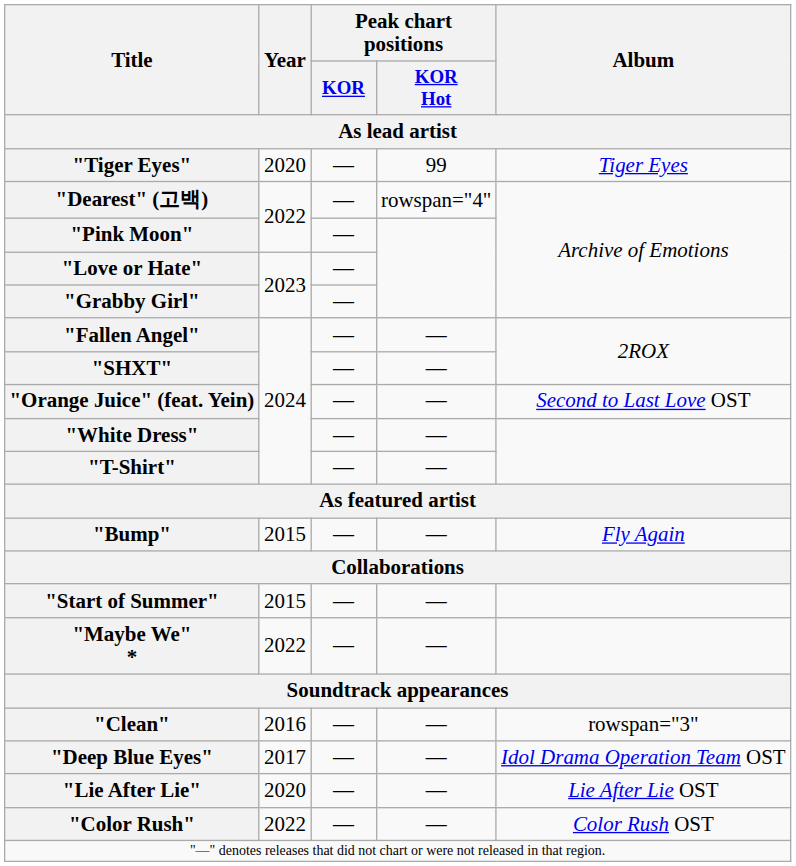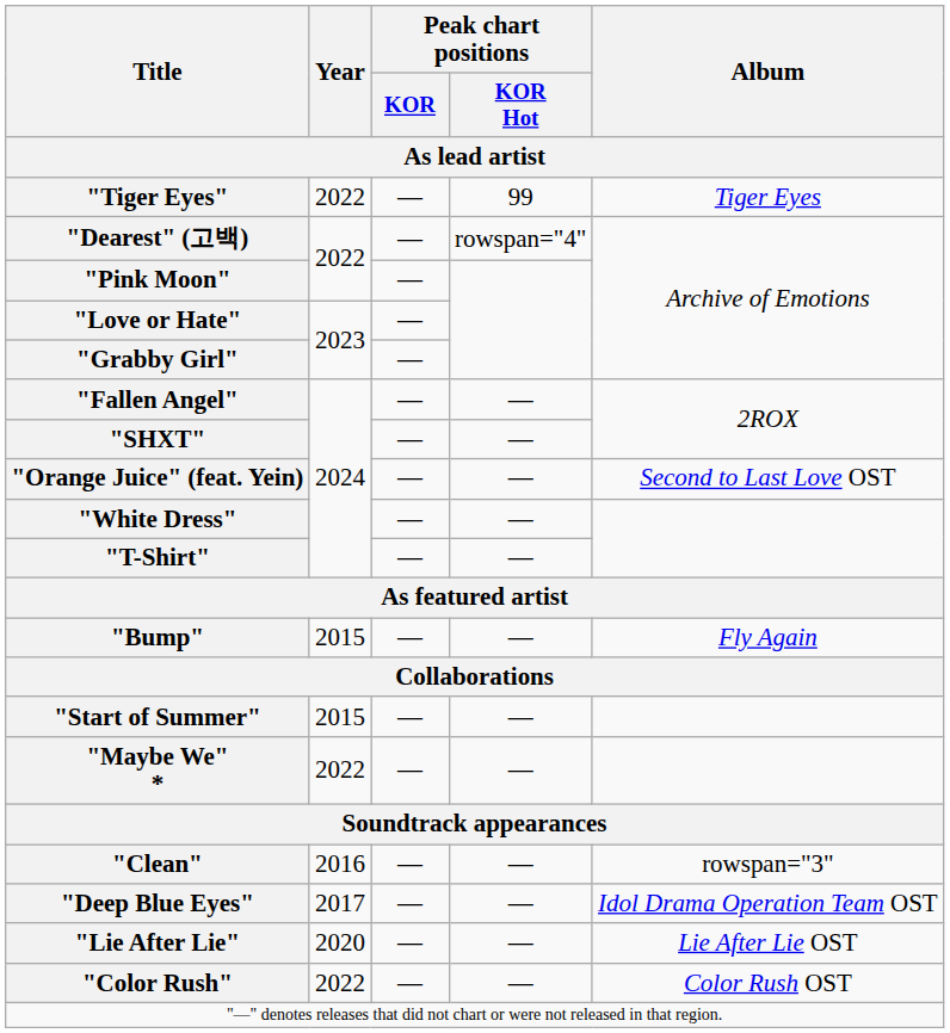 <table class="wikitable plainrowheaders" style="text-align:center;">
 <tr>
 <th scope="col" rowspan="2">Title</th>
 <th scope="col" rowspan="2">Year</th>
 <th scope="col" colspan="2">Peak chart<br>positions</th>
 <th scope="col" rowspan="2">Album</th>
 </tr>
 <tr>
 <th scope="col" style="width:3em;font-size:90%;"><a href='#'>KOR</a><br></th>
 <th scope="col" style="width:3em;font-size:90%;"><a href='#'>KOR<br>Hot</a><br></th>
 </tr>
 <tr>
 <th colspan="5">As lead artist</th>
 </tr>
 <tr>
 <th scope="row">"Tiger Eyes"</th>
-<td>2020</td>
+<td>2022</td>
 <td>—</td>
 <td>99</td>
 <td><em><a href='#'>Tiger Eyes</a></em></td>
 </tr>
 <tr>
 <th scope="row">"Dearest" (고백)</th>
 <td rowspan="2">2022</td>
 <td>—</td>
 <td>rowspan="4" </td>
 <td rowspan="4"><em>Archive of Emotions</em></td>
 </tr>
 <tr>
 <th scope="row">"Pink Moon"</th>
 <td>—</td>
 </tr>
 <tr>
 <th scope="row">"Love or Hate"</th>
 <td rowspan="2">2023</td>
 <td>—</td>
 </tr>
 <tr>
 <th scope="row">"Grabby Girl"</th>
 <td>—</td>
 </tr>
 <tr>
 <th scope="row">"Fallen Angel" <br></th>
 <td rowspan="5">2024</td>
 <td>—</td>
 <td>—</td>
 <td rowspan="2"><em>2ROX</em></td>
 </tr>
 <tr>
 <th scope="row">"SHXT" <br></th>
 <td>—</td>
 <td>—</td>
 </tr>
 <tr>
 <th scope="row">"Orange Juice" (feat. Yein)</th>
 <td>—</td>
 <td>—</td>
 <td><em><a href='#'>Second to Last Love</a></em> OST</td>
 </tr>
 <tr>
 <th scope="row">"White Dress"</th>
 <td>—</td>
 <td>—</td>
 </tr>
 <tr>
 <th scope="row">"T-Shirt"</th>
 <td>—</td>
 <td>—</td>
 </tr>
 <tr>
 <th colspan="5">As featured artist</th>
 </tr>
 <tr>
 <th scope="row">"Bump" <br></th>
 <td>2015</td>
 <td>—</td>
 <td>—</td>
 <td><em><a href='#'>Fly Again</a></em></td>
 </tr>
 <tr>
 <th colspan="5">Collaborations</th>
 </tr>
 <tr>
 <th scope="row">"Start of Summer" <br></th>
 <td>2015</td>
 <td>—</td>
 <td>—</td>
 <td></td>
 </tr>
 <tr>
 <th scope="row">"Maybe We" <br> *</th>
 <td>2022</td>
 <td>—</td>
 <td>—</td>
 <td></td>
 </tr>
 <tr>
 <th colspan="5">Soundtrack appearances</th>
 </tr>
 <tr>
 <th scope="row">"Clean" <br></th>
 <td>2016</td>
 <td>—</td>
 <td>—</td>
 <td>rowspan="3" </td>
 </tr>
 <tr>
 <th scope="row">"Deep Blue Eyes"<br></th>
 <td>2017</td>
 <td>—</td>
 <td>—</td>
 <td><em><a href='#'>Idol Drama Operation Team</a></em> OST</td>
 </tr>
 <tr>
 <th scope="row">"Lie After Lie" </th>
 <td>2020</td>
 <td>—</td>
 <td>—</td>
 <td><em><a href='#'>Lie After Lie</a></em> OST</td>
 </tr>
 <tr>
 <th scope="row">"Color Rush"</th>
 <td>2022</td>
 <td>—</td>
 <td>—</td>
 <td><em><a href='#'>Color Rush</a></em> OST</td>
 </tr>
 <tr>
 <td colspan="5" style="font-size:8pt;">"—" denotes releases that did not chart or were not released in that region.</td>
 </tr>
 </table>
